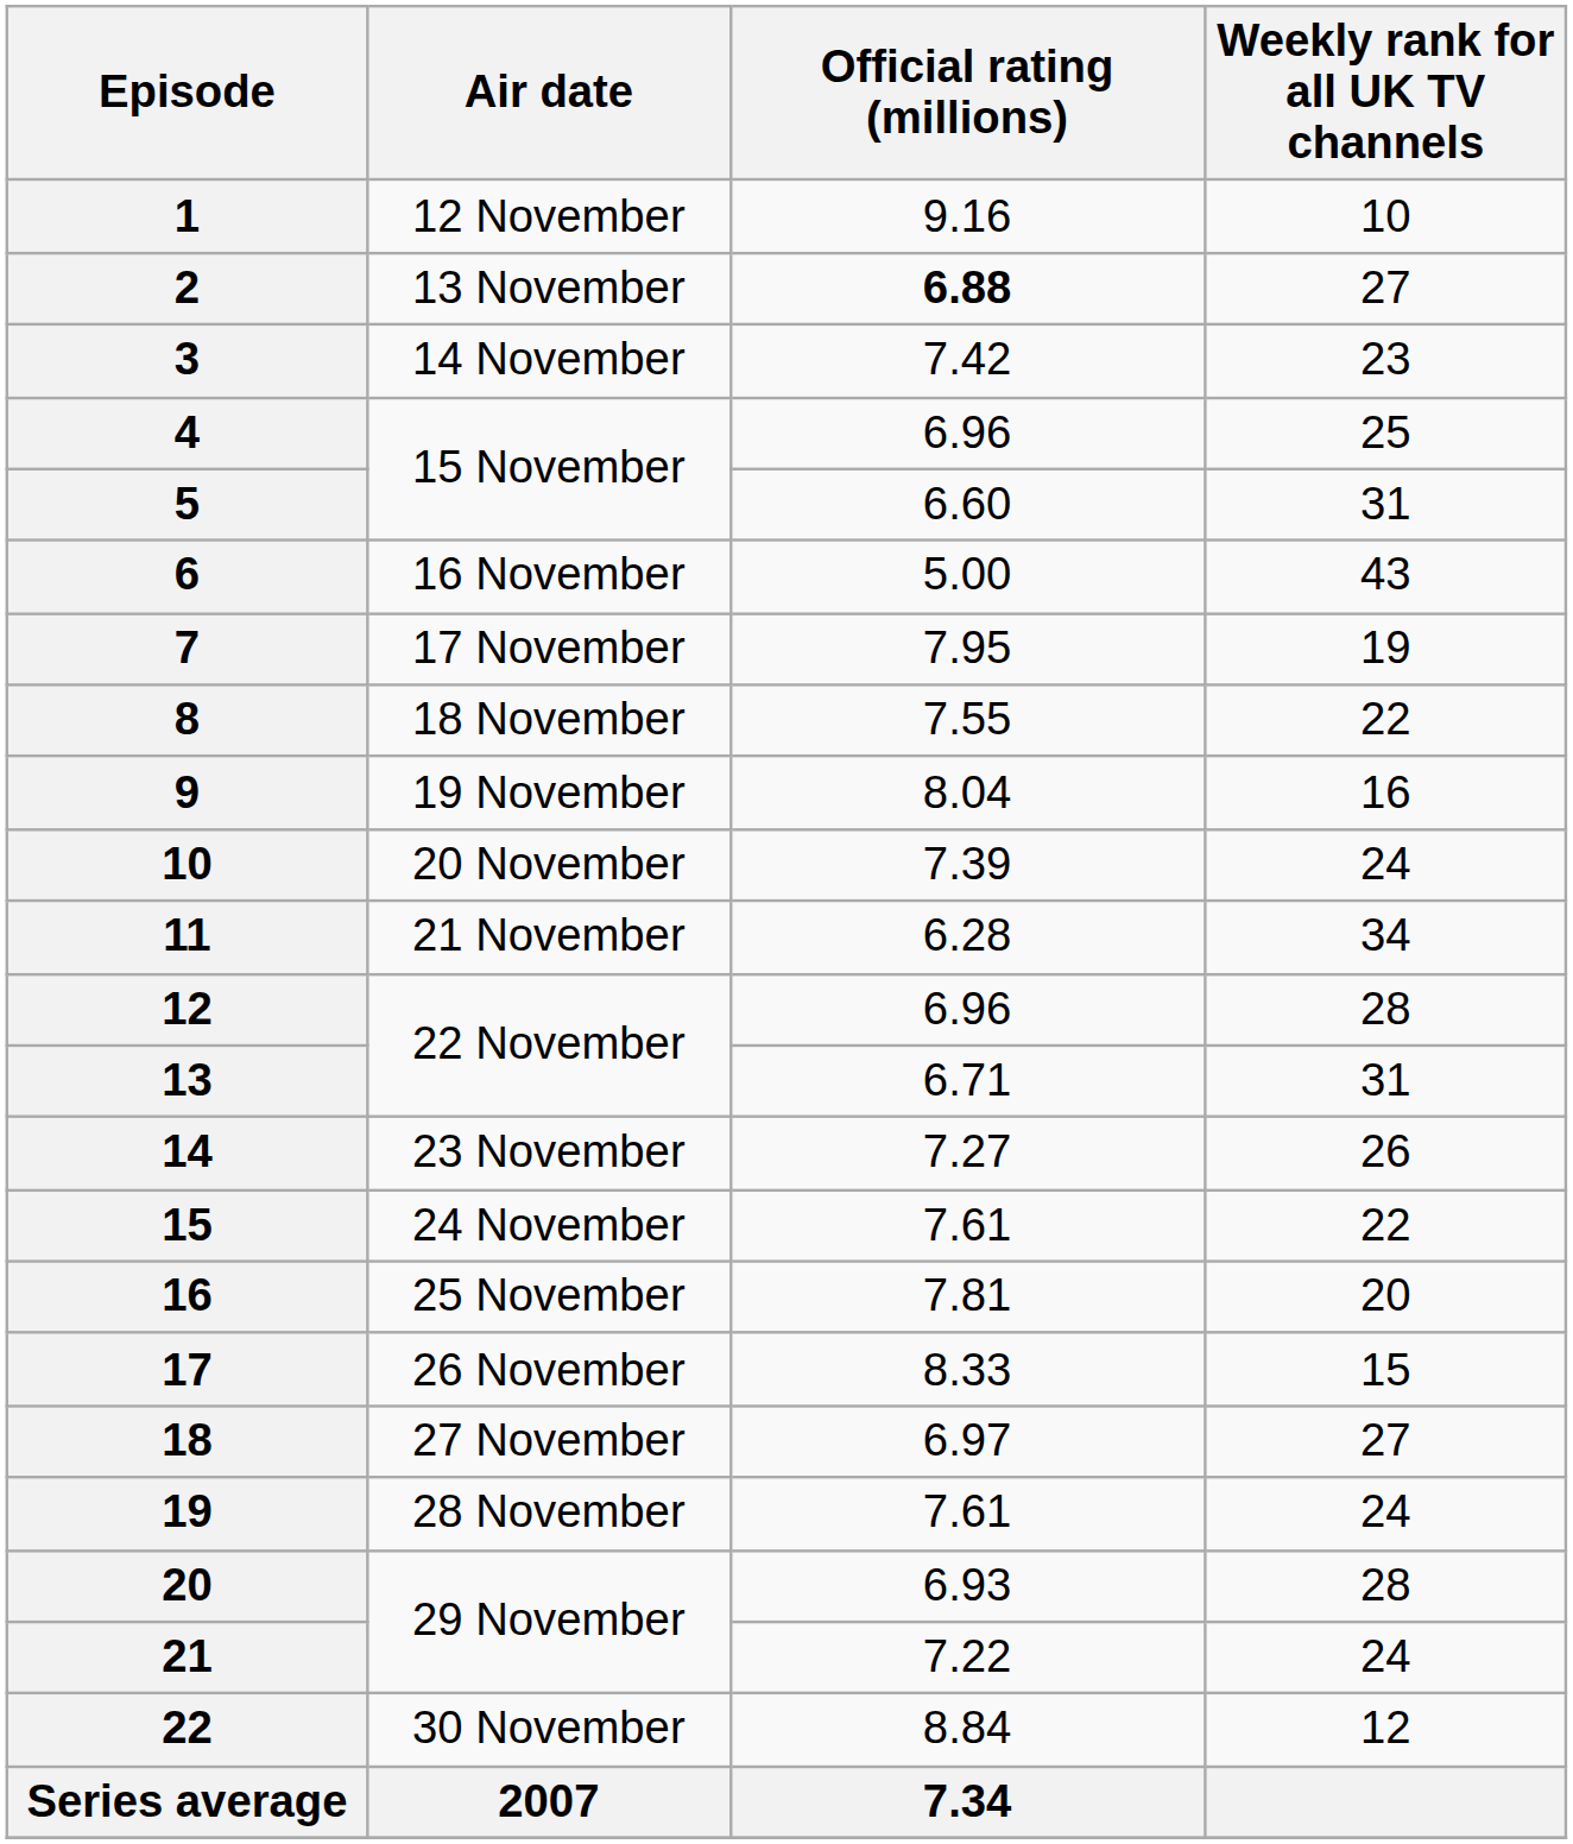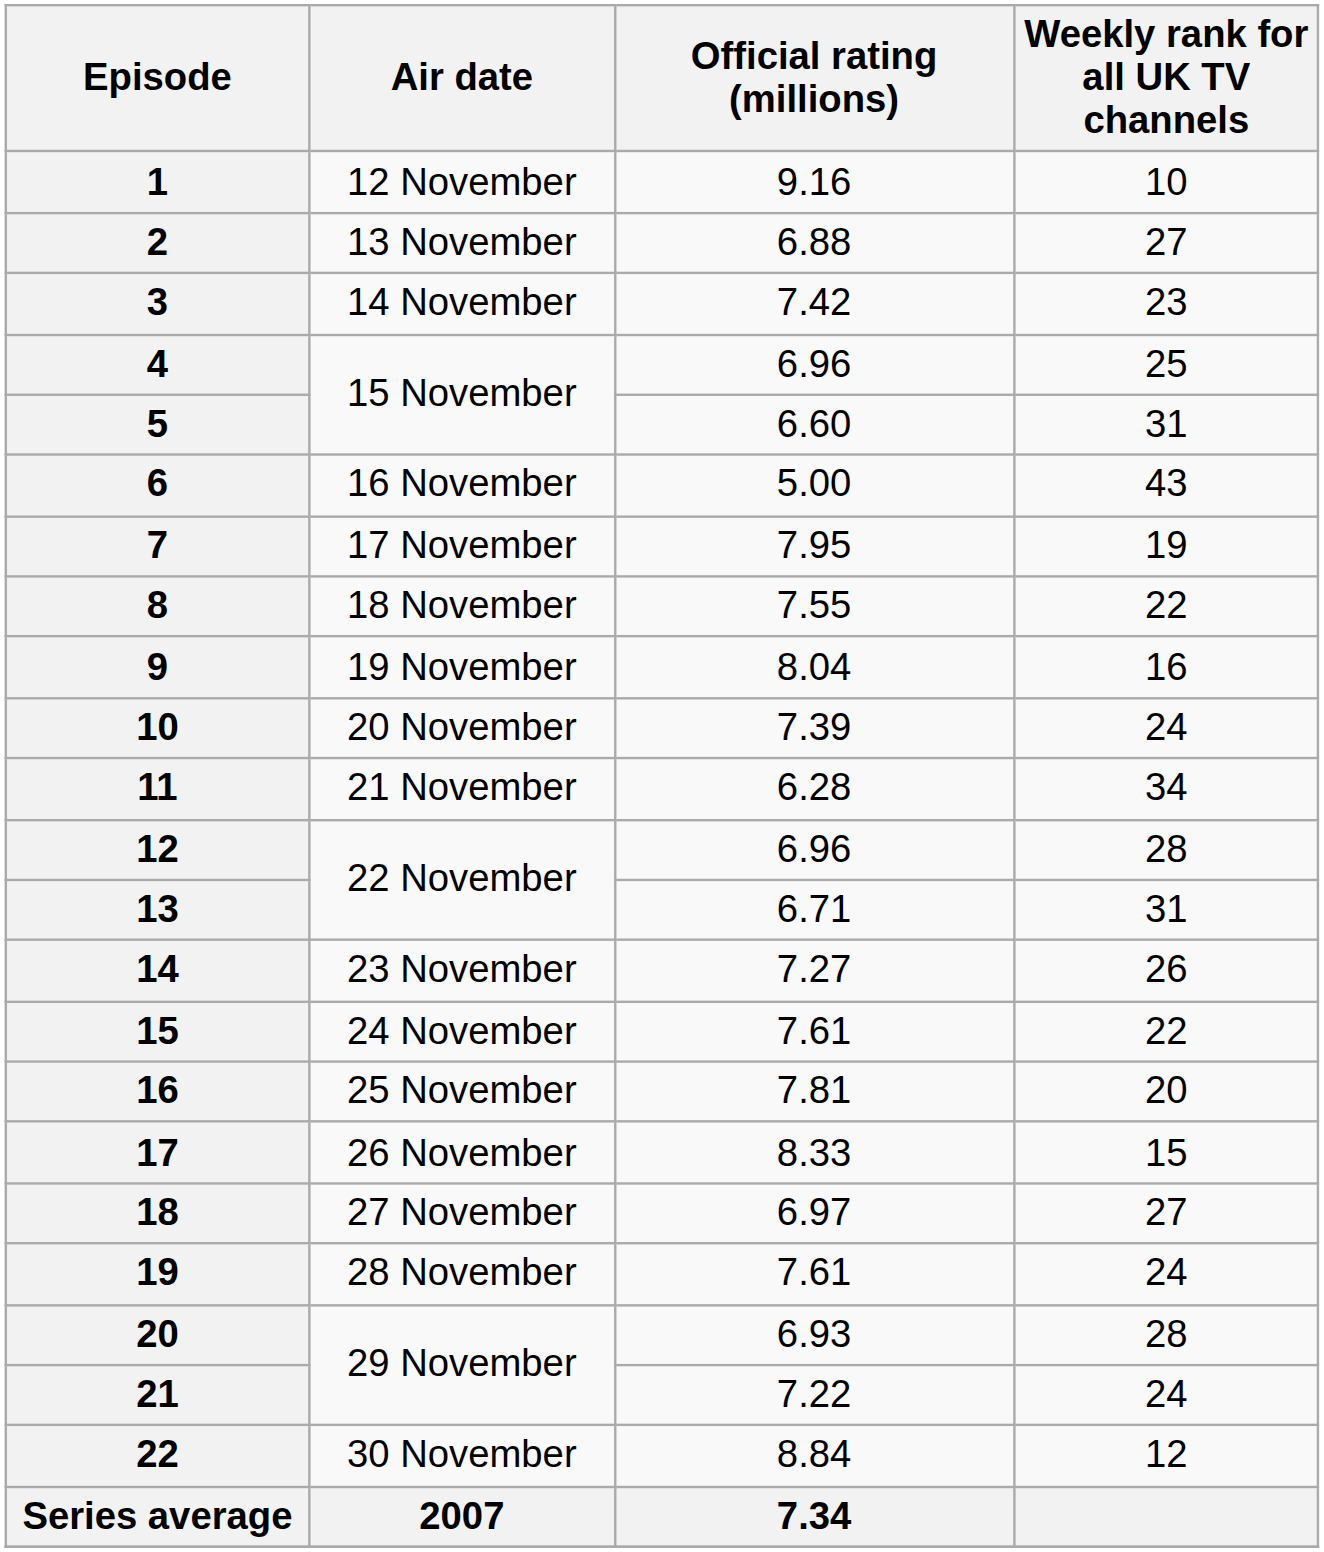 <table class="wikitable" style="text-align:center; margin: 1em auto 1em auto">
 <tr>
 <th scope="col" style="width:120px;">Episode</th>
 <th scope="col" style="width:120px;">Air date</th>
 <th scope="col" style="width:160px;">Official rating <br> (millions)</th>
 <th scope="col" style="width:120px;">Weekly rank for all UK TV channels</th>
 </tr>
 <tr>
 <th>1</th>
 <td>12 November</td>
 <td>9.16</td>
 <td>10</td>
 </tr>
 <tr>
 <th>2</th>
 <td>13 November</td>
-<td><strong>6.88</strong></td>
+<td>6.88</td>
 <td>27</td>
 </tr>
 <tr>
 <th>3</th>
 <td>14 November</td>
 <td>7.42</td>
 <td>23</td>
 </tr>
 <tr>
 <th>4</th>
 <td rowspan="2">15 November</td>
 <td>6.96</td>
 <td>25</td>
 </tr>
 <tr>
 <th>5</th>
 <td>6.60</td>
 <td>31</td>
 </tr>
 <tr>
 <th>6</th>
 <td>16 November</td>
 <td>5.00</td>
 <td>43</td>
 </tr>
 <tr>
 <th>7</th>
 <td>17 November</td>
 <td>7.95</td>
 <td>19</td>
 </tr>
 <tr>
 <th>8</th>
 <td>18 November</td>
 <td>7.55</td>
 <td>22</td>
 </tr>
 <tr>
 <th>9</th>
 <td>19 November</td>
 <td>8.04</td>
 <td>16</td>
 </tr>
 <tr>
 <th>10</th>
 <td>20 November</td>
 <td>7.39</td>
 <td>24</td>
 </tr>
 <tr>
 <th>11</th>
 <td>21 November</td>
 <td>6.28</td>
 <td>34</td>
 </tr>
 <tr>
 <th>12</th>
 <td rowspan="2">22 November</td>
 <td>6.96</td>
 <td>28</td>
 </tr>
 <tr>
 <th>13</th>
 <td>6.71</td>
 <td>31</td>
 </tr>
 <tr>
 <th>14</th>
 <td>23 November</td>
 <td>7.27</td>
 <td>26</td>
 </tr>
 <tr>
 <th>15</th>
 <td>24 November</td>
 <td>7.61</td>
 <td>22</td>
 </tr>
 <tr>
 <th>16</th>
 <td>25 November</td>
 <td>7.81</td>
 <td>20</td>
 </tr>
 <tr>
 <th>17</th>
 <td>26 November</td>
 <td>8.33</td>
 <td>15</td>
 </tr>
 <tr>
 <th>18</th>
 <td>27 November</td>
 <td>6.97</td>
 <td>27</td>
 </tr>
 <tr>
 <th>19</th>
 <td>28 November</td>
 <td>7.61</td>
 <td>24</td>
 </tr>
 <tr>
 <th>20</th>
 <td rowspan="2">29 November</td>
 <td>6.93</td>
 <td>28</td>
 </tr>
 <tr>
 <th>21</th>
 <td>7.22</td>
 <td>24</td>
 </tr>
 <tr>
 <th>22</th>
 <td>30 November</td>
 <td>8.84</td>
 <td>12</td>
 </tr>
 <tr>
 <th>Series average</th>
 <th>2007</th>
 <th>7.34</th>
 <th></th>
 </tr>
 <tr>
 </tr>
 </table>
